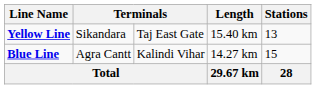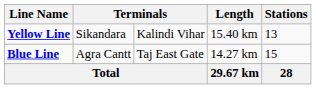 <table class="wikitable">
 <tr>
 <th>Line Name</th>
 <th colspan="2">Terminals</th>
 <th>Length</th>
 <th>Stations</th>
 </tr>
 <tr>
 <td style="background:#"><strong><a href='#'><span>Yellow Line</span></a></strong></td>
 <td>Sikandara</td>
-<td>Taj East Gate</td>
+<td>Kalindi Vihar</td>
 <td>15.40 km</td>
 <td>13</td>
 </tr>
 <tr>
 <td style="background:#"><strong><a href='#'><span>Blue Line</span></a></strong></td>
 <td>Agra Cantt</td>
-<td>Kalindi Vihar</td>
+<td>Taj East Gate</td>
 <td>14.27 km</td>
 <td>15</td>
 </tr>
 <tr>
 <th colspan="3"><strong>Total</strong></th>
 <th>29.67 km</th>
 <th>28</th>
 </tr>
 </table>
